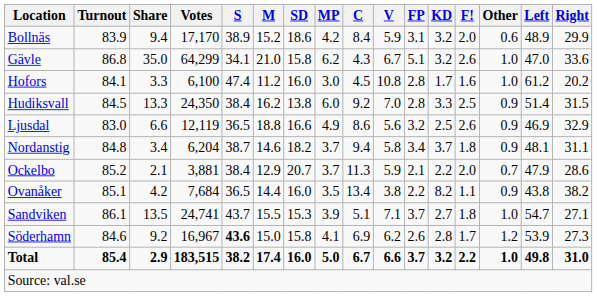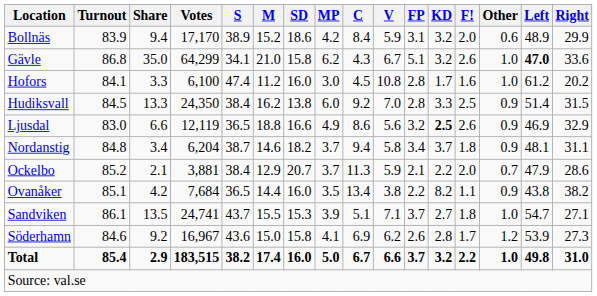 <table class="wikitable sortable" style=text-align:right>
 <tr>
 <th>Location</th>
 <th>Turnout</th>
 <th>Share</th>
 <th>Votes</th>
 <th><a href='#'>S</a></th>
 <th><a href='#'>M</a></th>
 <th><a href='#'>SD</a></th>
 <th><a href='#'>MP</a></th>
 <th><a href='#'>C</a></th>
 <th><a href='#'>V</a></th>
 <th><a href='#'>FP</a></th>
 <th><a href='#'>KD</a></th>
 <th><a href='#'>F!</a></th>
 <th>Other</th>
 <th><a href='#'>Left</a></th>
 <th><a href='#'>Right</a></th>
 </tr>
 <tr>
 <td align=left><a href='#'>Bollnäs</a></td>
 <td>83.9</td>
 <td>9.4</td>
 <td>17,170</td>
 <td>38.9</td>
 <td>15.2</td>
 <td>18.6</td>
 <td>4.2</td>
 <td>8.4</td>
 <td>5.9</td>
 <td>3.1</td>
 <td>3.2</td>
 <td>2.0</td>
 <td>0.6</td>
 <td>48.9</td>
 <td>29.9</td>
 </tr>
 <tr>
 <td align=left><a href='#'>Gävle</a></td>
 <td>86.8</td>
 <td>35.0</td>
 <td>64,299</td>
 <td>34.1</td>
 <td>21.0</td>
 <td>15.8</td>
 <td>6.2</td>
 <td>4.3</td>
 <td>6.7</td>
 <td>5.1</td>
 <td>3.2</td>
 <td>2.6</td>
 <td>1.0</td>
-<td>47.0</td>
+<td><strong>47.0</strong></td>
 <td>33.6</td>
 </tr>
 <tr>
 <td align=left><a href='#'>Hofors</a></td>
 <td>84.1</td>
 <td>3.3</td>
 <td>6,100</td>
 <td>47.4</td>
 <td>11.2</td>
 <td>16.0</td>
 <td>3.0</td>
 <td>4.5</td>
 <td>10.8</td>
 <td>2.8</td>
 <td>1.7</td>
 <td>1.6</td>
 <td>1.0</td>
 <td>61.2</td>
 <td>20.2</td>
 </tr>
 <tr>
 <td align=left><a href='#'>Hudiksvall</a></td>
 <td>84.5</td>
 <td>13.3</td>
 <td>24,350</td>
 <td>38.4</td>
 <td>16.2</td>
 <td>13.8</td>
 <td>6.0</td>
 <td>9.2</td>
 <td>7.0</td>
 <td>2.8</td>
 <td>3.3</td>
 <td>2.5</td>
 <td>0.9</td>
 <td>51.4</td>
 <td>31.5</td>
 </tr>
 <tr>
 <td align=left><a href='#'>Ljusdal</a></td>
 <td>83.0</td>
 <td>6.6</td>
 <td>12,119</td>
 <td>36.5</td>
 <td>18.8</td>
 <td>16.6</td>
 <td>4.9</td>
 <td>8.6</td>
 <td>5.6</td>
 <td>3.2</td>
-<td>2.5</td>
+<td><strong>2.5</strong></td>
 <td>2.6</td>
 <td>0.9</td>
 <td>46.9</td>
 <td>32.9</td>
 </tr>
 <tr>
 <td align=left><a href='#'>Nordanstig</a></td>
 <td>84.8</td>
 <td>3.4</td>
 <td>6,204</td>
 <td>38.7</td>
 <td>14.6</td>
 <td>18.2</td>
 <td>3.7</td>
 <td>9.4</td>
 <td>5.8</td>
 <td>3.4</td>
 <td>3.7</td>
 <td>1.8</td>
 <td>0.9</td>
 <td>48.1</td>
 <td>31.1</td>
 </tr>
 <tr>
 <td align=left><a href='#'>Ockelbo</a></td>
 <td>85.2</td>
 <td>2.1</td>
 <td>3,881</td>
 <td>38.4</td>
 <td>12.9</td>
 <td>20.7</td>
 <td>3.7</td>
 <td>11.3</td>
 <td>5.9</td>
 <td>2.1</td>
 <td>2.2</td>
 <td>2.0</td>
 <td>0.7</td>
 <td>47.9</td>
 <td>28.6</td>
 </tr>
 <tr>
 <td align=left><a href='#'>Ovanåker</a></td>
 <td>85.1</td>
 <td>4.2</td>
 <td>7,684</td>
 <td>36.5</td>
 <td>14.4</td>
 <td>16.0</td>
 <td>3.5</td>
 <td>13.4</td>
 <td>3.8</td>
 <td>2.2</td>
 <td>8.2</td>
 <td>1.1</td>
 <td>0.9</td>
 <td>43.8</td>
 <td>38.2</td>
 </tr>
 <tr>
 <td align=left><a href='#'>Sandviken</a></td>
 <td>86.1</td>
 <td>13.5</td>
 <td>24,741</td>
 <td>43.7</td>
 <td>15.5</td>
 <td>15.3</td>
 <td>3.9</td>
 <td>5.1</td>
 <td>7.1</td>
 <td>3.7</td>
 <td>2.7</td>
 <td>1.8</td>
 <td>1.0</td>
 <td>54.7</td>
 <td>27.1</td>
 </tr>
 <tr>
 <td align=left><a href='#'>Söderhamn</a></td>
 <td>84.6</td>
 <td>9.2</td>
 <td>16,967</td>
-<td><strong>43.6</strong></td>
+<td>43.6</td>
 <td>15.0</td>
 <td>15.8</td>
 <td>4.1</td>
 <td>6.9</td>
 <td>6.2</td>
 <td>2.6</td>
 <td>2.8</td>
 <td>1.7</td>
 <td>1.2</td>
 <td>53.9</td>
 <td>27.3</td>
 </tr>
 <tr>
 <td align=left><strong>Total</strong></td>
 <td><strong>85.4</strong></td>
 <td><strong>2.9</strong></td>
 <td><strong>183,515</strong></td>
 <td><strong>38.2</strong></td>
 <td><strong>17.4</strong></td>
 <td><strong>16.0</strong></td>
 <td><strong>5.0</strong></td>
 <td><strong>6.7</strong></td>
 <td><strong>6.6</strong></td>
 <td><strong>3.7</strong></td>
 <td><strong>3.2</strong></td>
 <td><strong>2.2</strong></td>
 <td><strong>1.0</strong></td>
 <td><strong>49.8</strong></td>
 <td><strong>31.0</strong></td>
 </tr>
 <tr>
 <td align=left colspan=16>Source: val.se </td>
 </tr>
 </table>
